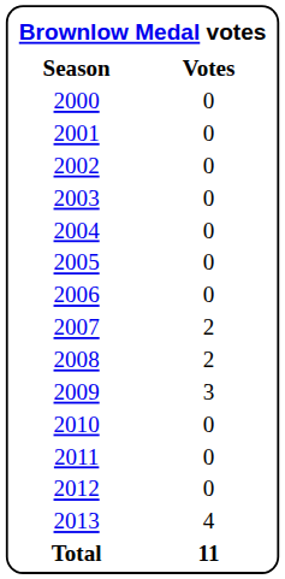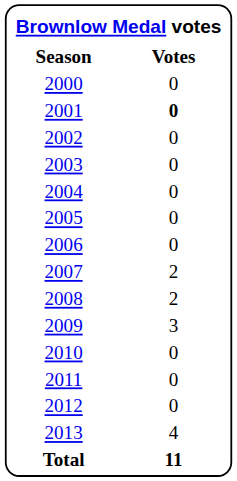 <table style="margin-right:4px; margin-top:8px; float:right; border:1px #000 solid; border-radius:8px; background:#fff; font-family:Verdana; font-size:8pt; text-align:center;">
 <tr style="background:#fff;">
 <td colspan="2;" style="padding:3px; margin-bottom:-3px; margin-top:2px; font-family:Arial; "><strong><a href='#'>Brownlow Medal</a> votes</strong></td>
 </tr>
 <tr>
 <th style="width:50%;">Season</th>
 <th style="width:50%;">Votes</th>
 </tr>
 <tr>
 <td><a href='#'>2000</a></td>
 <td>0</td>
 </tr>
 <tr>
 <td><a href='#'>2001</a></td>
-<td>0</td>
+<td><strong>0</strong></td>
 </tr>
 <tr>
 <td><a href='#'>2002</a></td>
 <td>0</td>
 </tr>
 <tr>
 <td><a href='#'>2003</a></td>
 <td>0</td>
 </tr>
 <tr>
 <td><a href='#'>2004</a></td>
 <td>0</td>
 </tr>
 <tr>
 <td><a href='#'>2005</a></td>
 <td>0</td>
 </tr>
 <tr>
 <td><a href='#'>2006</a></td>
 <td>0</td>
 </tr>
 <tr>
 <td><a href='#'>2007</a></td>
 <td>2</td>
 </tr>
 <tr>
 <td><a href='#'>2008</a></td>
 <td>2</td>
 </tr>
 <tr>
 <td><a href='#'>2009</a></td>
 <td>3</td>
 </tr>
 <tr>
 <td><a href='#'>2010</a></td>
 <td>0</td>
 </tr>
 <tr>
 <td><a href='#'>2011</a></td>
 <td>0</td>
 </tr>
 <tr>
 <td><a href='#'>2012</a></td>
 <td>0</td>
 </tr>
 <tr>
 <td><a href='#'>2013</a></td>
 <td>4</td>
 </tr>
 <tr>
 <td><strong>Total</strong></td>
 <td><strong>11</strong></td>
 </tr>
 </table>
